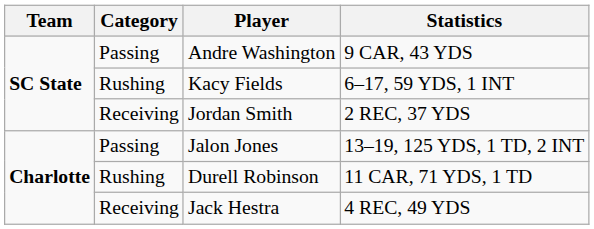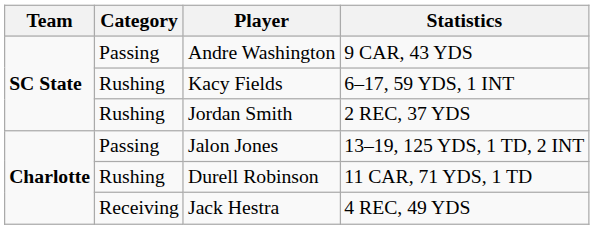 <table class="wikitable" style="float: left;">
 <tr>
 <th>Team</th>
 <th>Category</th>
 <th>Player</th>
 <th>Statistics</th>
 </tr>
 <tr>
 <td rowspan=3><strong>SC State</strong></td>
 <td>Passing</td>
 <td>Andre Washington</td>
 <td>9 CAR, 43 YDS</td>
 </tr>
 <tr>
 <td>Rushing</td>
 <td>Kacy Fields</td>
 <td>6–17, 59 YDS, 1 INT</td>
 </tr>
 <tr>
-<td>Receiving</td>
+<td>Rushing</td>
 <td>Jordan Smith</td>
 <td>2 REC, 37 YDS</td>
 </tr>
 <tr>
 <td rowspan=3><strong>Charlotte</strong></td>
 <td>Passing</td>
 <td>Jalon Jones</td>
 <td>13–19, 125 YDS, 1 TD, 2 INT</td>
 </tr>
 <tr>
 <td>Rushing</td>
 <td>Durell Robinson</td>
 <td>11 CAR, 71 YDS, 1 TD</td>
 </tr>
 <tr>
 <td>Receiving</td>
 <td>Jack Hestra</td>
 <td>4 REC, 49 YDS</td>
 </tr>
 </table>
